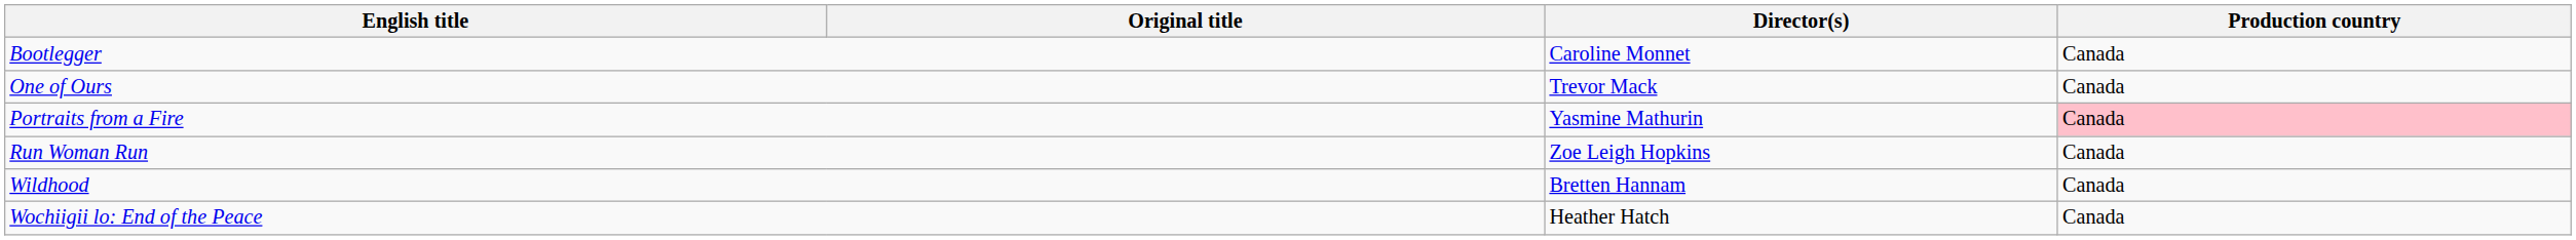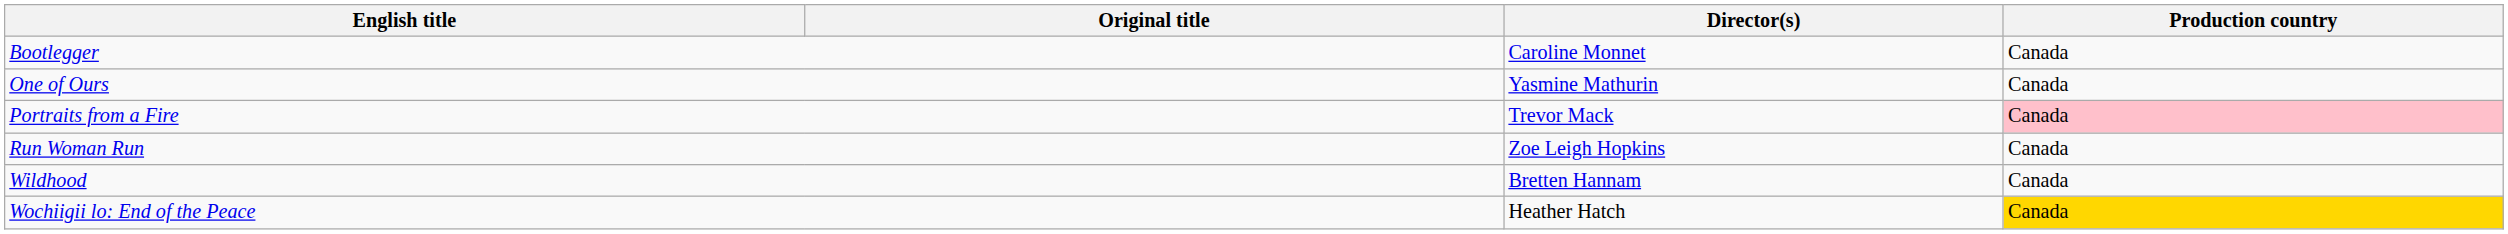 <table class="wikitable" width=100%>
 <tr>
 <th scope="col" width="32%">English title</th>
 <th scope="col" width="28%">Original title</th>
 <th scope="col" width="20%">Director(s)</th>
 <th scope="col" width="20%">Production country</th>
 </tr>
 <tr>
 <td colspan=2><em><a href='#'>Bootlegger</a></em></td>
 <td><a href='#'>Caroline Monnet</a></td>
 <td>Canada</td>
 </tr>
 <tr>
 <td colspan=2><em><a href='#'>One of Ours</a></em></td>
-<td><a href='#'>Trevor Mack</a></td>
+<td><a href='#'>Yasmine Mathurin</a></td>
 <td>Canada</td>
 </tr>
 <tr>
 <td colspan=2><em><a href='#'>Portraits from a Fire</a></em></td>
-<td><a href='#'>Yasmine Mathurin</a></td>
+<td><a href='#'>Trevor Mack</a></td>
 <td style="background: pink;">Canada</td>
 </tr>
 <tr>
 <td colspan=2><em><a href='#'>Run Woman Run</a></em></td>
 <td><a href='#'>Zoe Leigh Hopkins</a></td>
 <td>Canada</td>
 </tr>
 <tr>
 <td colspan=2><em><a href='#'>Wildhood</a></em></td>
 <td><a href='#'>Bretten Hannam</a></td>
 <td>Canada</td>
 </tr>
 <tr>
 <td colspan=2><em><a href='#'>Wochiigii lo: End of the Peace</a></em></td>
 <td>Heather Hatch</td>
-<td>Canada</td>
+<td style="background: gold;">Canada</td>
 </tr>
 </table>
